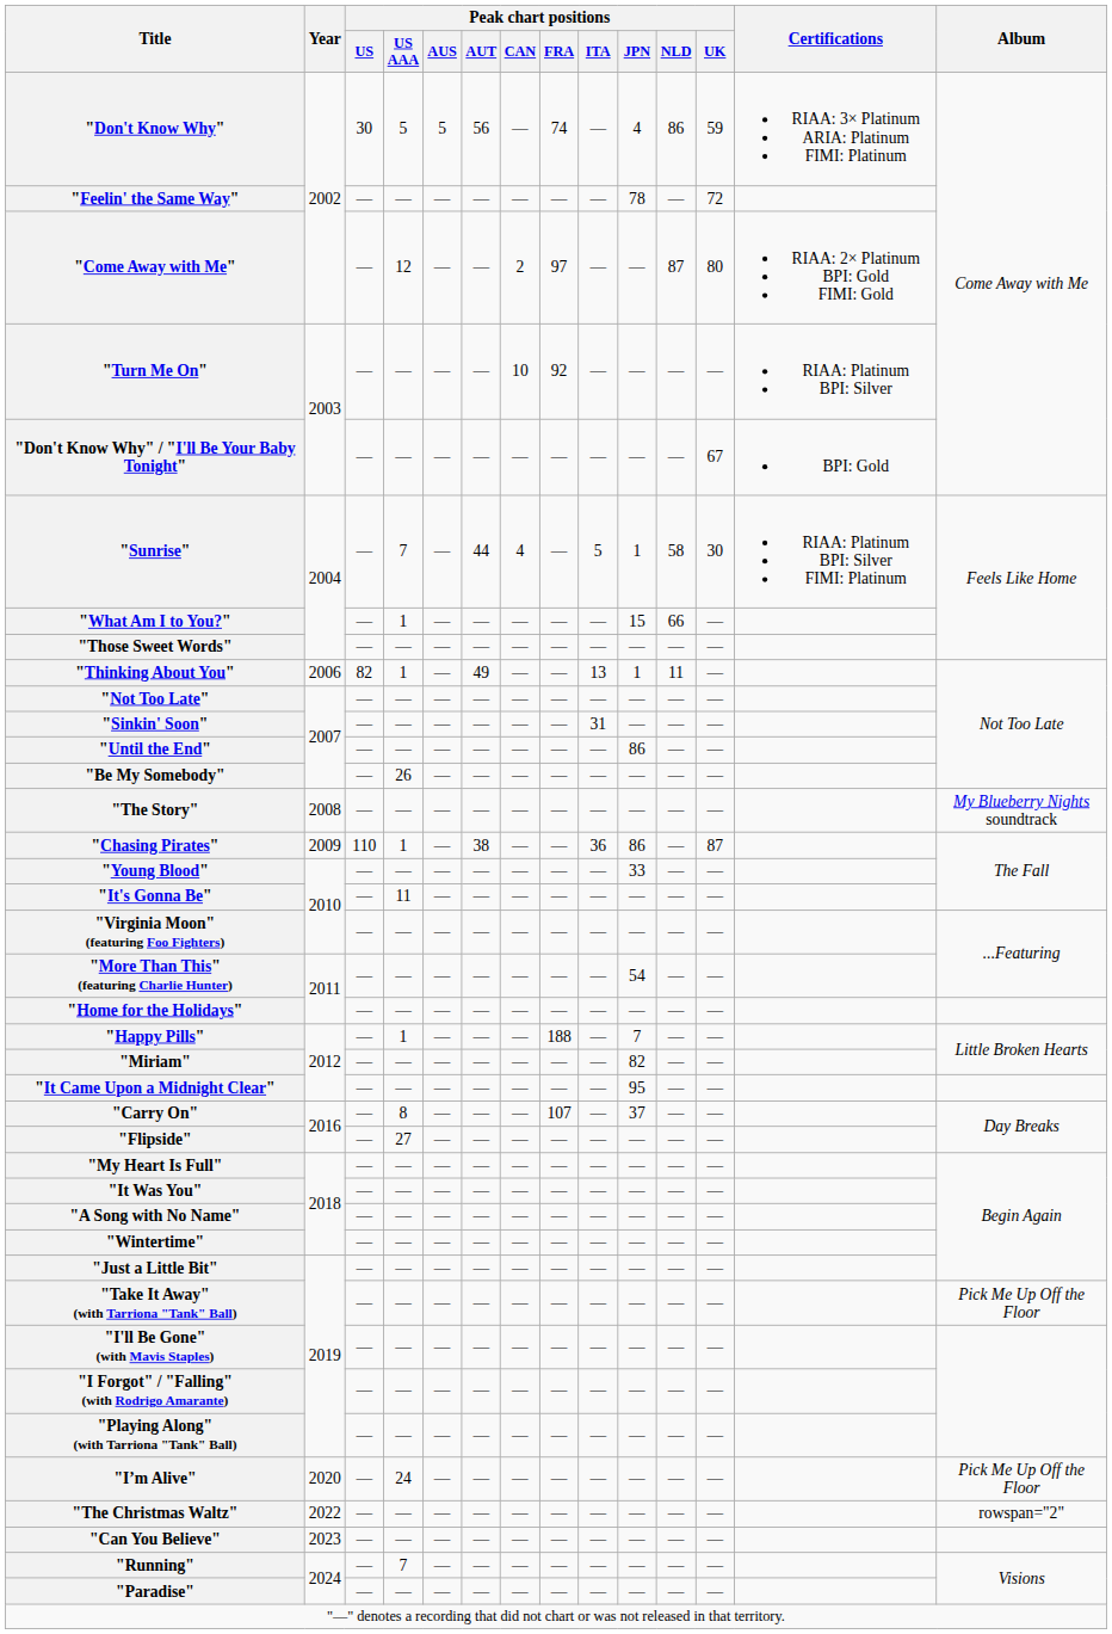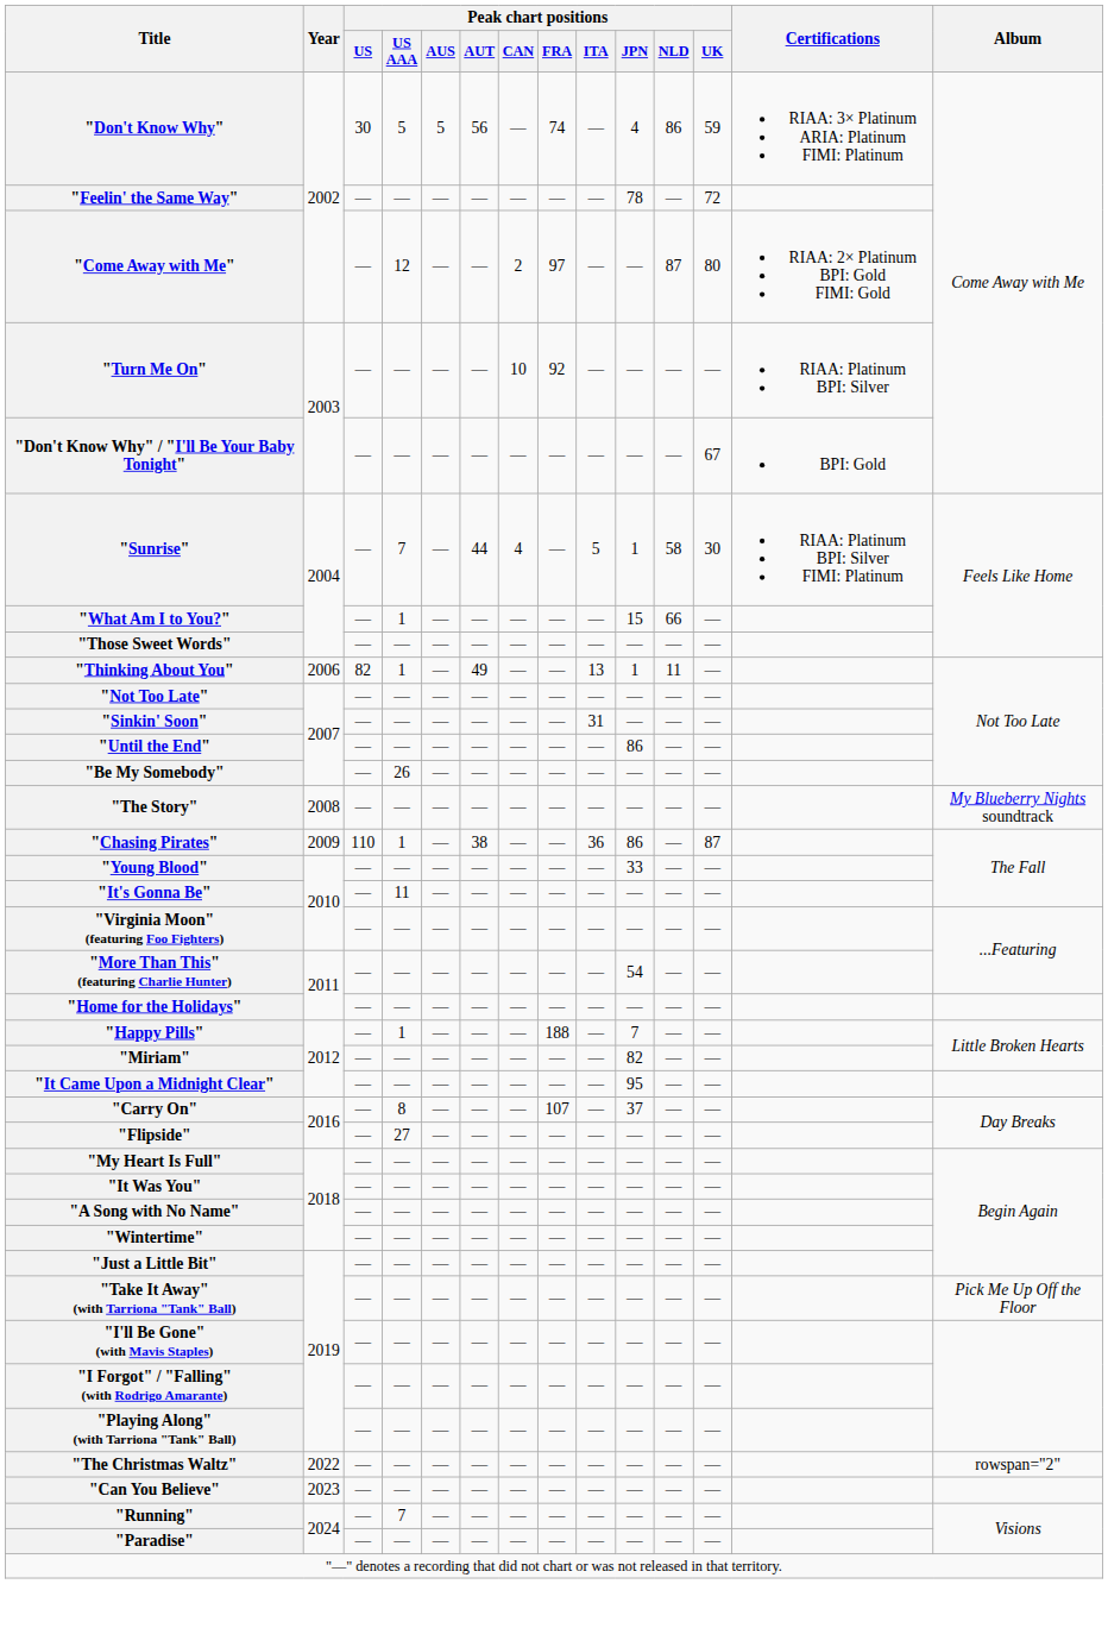 <table class="wikitable plainrowheaders" style="text-align:center;">
 <tr>
 <th scope="col" rowspan="2" style="width:18em;">Title</th>
 <th scope="col" rowspan="2" style="width:2em;">Year</th>
 <th scope="col" colspan="10">Peak chart positions</th>
 <th scope="col" rowspan="2" style="width:12em;"><a href='#'>Certifications</a></th>
 <th scope="col" rowspan="2" style="width:10em;">Album</th>
 </tr>
 <tr>
 <th scope="col" style="width:2.2em;font-size:90%;"><a href='#'>US</a><br></th>
 <th scope="col" style="width:2.2em;font-size:90%;"><a href='#'>US AAA</a><br></th>
 <th scope="col" style="width:2.2em;font-size:90%;"><a href='#'>AUS</a><br></th>
 <th scope="col" style="width:2.2em;font-size:90%;"><a href='#'>AUT</a><br></th>
 <th scope="col" style="width:2.2em;font-size:90%;"><a href='#'>CAN</a><br></th>
 <th scope="col" style="width:2.2em;font-size:90%;"><a href='#'>FRA</a><br></th>
 <th scope="col" style="width:2.2em;font-size:90%;"><a href='#'>ITA</a><br></th>
 <th scope="col" style="width:2.2em;font-size:90%;"><a href='#'>JPN</a><br></th>
 <th scope="col" style="width:2.2em;font-size:90%;"><a href='#'>NLD</a><br></th>
 <th scope="col" style="width:2.2em;font-size:90%;"><a href='#'>UK</a><br></th>
 </tr>
 <tr>
 <th scope="row">"<a href='#'>Don't Know Why</a>"</th>
 <td rowspan="3">2002</td>
 <td>30</td>
 <td>5</td>
 <td>5</td>
 <td>56</td>
 <td>—</td>
 <td>74</td>
 <td>—</td>
 <td>4</td>
 <td>86</td>
 <td>59</td>
 <td><br><ul><li>RIAA: 3× Platinum</li><li>ARIA: Platinum</li><li>FIMI: Platinum</li></ul></td>
 <td rowspan="5"><em>Come Away with Me</em></td>
 </tr>
 <tr>
 <th scope="row">"<a href='#'>Feelin' the Same Way</a>"</th>
 <td>—</td>
 <td>—</td>
 <td>—</td>
 <td>—</td>
 <td>—</td>
 <td>—</td>
 <td>—</td>
 <td>78</td>
 <td>—</td>
 <td>72</td>
 <td></td>
 </tr>
 <tr>
 <th scope="row">"<a href='#'>Come Away with Me</a>"</th>
 <td>—</td>
 <td>12</td>
 <td>—</td>
 <td>—</td>
 <td>2</td>
 <td>97</td>
 <td>—</td>
 <td>—</td>
 <td>87</td>
 <td>80</td>
 <td><br><ul><li>RIAA: 2× Platinum</li><li>BPI: Gold</li><li>FIMI: Gold</li></ul></td>
 </tr>
 <tr>
 <th scope="row">"<a href='#'>Turn Me On</a>"</th>
 <td rowspan="2">2003</td>
 <td>—</td>
 <td>—</td>
 <td>—</td>
 <td>—</td>
 <td>10</td>
 <td>92</td>
 <td>—</td>
 <td>—</td>
 <td>—</td>
 <td>—</td>
 <td><br><ul><li>RIAA: Platinum</li><li>BPI: Silver</li></ul></td>
 </tr>
 <tr>
 <th scope="row">"Don't Know Why" / "<a href='#'>I'll Be Your Baby Tonight</a>"</th>
 <td>—</td>
 <td>—</td>
 <td>—</td>
 <td>—</td>
 <td>—</td>
 <td>—</td>
 <td>—</td>
 <td>—</td>
 <td>—</td>
 <td>67</td>
 <td><br><ul><li>BPI: Gold</li></ul></td>
 </tr>
 <tr>
 <th scope="row">"<a href='#'>Sunrise</a>"</th>
 <td rowspan="3">2004</td>
 <td>—</td>
 <td>7</td>
 <td>—</td>
 <td>44</td>
 <td>4</td>
 <td>—</td>
 <td>5</td>
 <td>1</td>
 <td>58</td>
 <td>30</td>
 <td><br><ul><li>RIAA: Platinum</li><li>BPI: Silver</li><li>FIMI: Platinum</li></ul></td>
 <td rowspan="3"><em>Feels Like Home</em></td>
 </tr>
 <tr>
 <th scope="row">"<a href='#'>What Am I to You?</a>"</th>
 <td>—</td>
 <td>1</td>
 <td>—</td>
 <td>—</td>
 <td>—</td>
 <td>—</td>
 <td>—</td>
 <td>15</td>
 <td>66</td>
 <td>—</td>
 <td></td>
 </tr>
 <tr>
 <th scope="row">"Those Sweet Words"</th>
 <td>—</td>
 <td>—</td>
 <td>—</td>
 <td>—</td>
 <td>—</td>
 <td>—</td>
 <td>—</td>
 <td>—</td>
 <td>—</td>
 <td>—</td>
 <td></td>
 </tr>
 <tr>
 <th scope="row">"<a href='#'>Thinking About You</a>"</th>
 <td>2006</td>
 <td>82</td>
 <td>1</td>
 <td>—</td>
 <td>49</td>
 <td>—</td>
 <td>—</td>
 <td>13</td>
 <td>1</td>
 <td>11</td>
 <td>—</td>
 <td></td>
 <td rowspan="5"><em>Not Too Late</em></td>
 </tr>
 <tr>
 <th scope="row">"<a href='#'>Not Too Late</a>"</th>
 <td rowspan="4">2007</td>
 <td>—</td>
 <td>—</td>
 <td>—</td>
 <td>—</td>
 <td>—</td>
 <td>—</td>
 <td>—</td>
 <td>—</td>
 <td>—</td>
 <td>—</td>
 <td></td>
 </tr>
 <tr>
 <th scope="row">"<a href='#'>Sinkin' Soon</a>"</th>
 <td>—</td>
 <td>—</td>
 <td>—</td>
 <td>—</td>
 <td>—</td>
 <td>—</td>
 <td>31</td>
 <td>—</td>
 <td>—</td>
 <td>—</td>
 <td></td>
 </tr>
 <tr>
 <th scope="row">"<a href='#'>Until the End</a>"</th>
 <td>—</td>
 <td>—</td>
 <td>—</td>
 <td>—</td>
 <td>—</td>
 <td>—</td>
 <td>—</td>
 <td>86</td>
 <td>—</td>
 <td>—</td>
 <td></td>
 </tr>
 <tr>
 <th scope="row">"Be My Somebody"</th>
 <td>—</td>
 <td>26</td>
 <td>—</td>
 <td>—</td>
 <td>—</td>
 <td>—</td>
 <td>—</td>
 <td>—</td>
 <td>—</td>
 <td>—</td>
 <td></td>
 </tr>
 <tr>
 <th scope="row">"The Story"</th>
 <td>2008</td>
 <td>—</td>
 <td>—</td>
 <td>—</td>
 <td>—</td>
 <td>—</td>
 <td>—</td>
 <td>—</td>
 <td>—</td>
 <td>—</td>
 <td>—</td>
 <td></td>
 <td><a href='#'><em>My Blueberry Nights</em></a> soundtrack</td>
 </tr>
 <tr>
 <th scope="row">"<a href='#'>Chasing Pirates</a>"</th>
 <td>2009</td>
 <td>110</td>
 <td>1</td>
 <td>—</td>
 <td>38</td>
 <td>—</td>
 <td>—</td>
 <td>36</td>
 <td>86</td>
 <td>—</td>
 <td>87</td>
 <td></td>
 <td rowspan="3"><em>The Fall</em></td>
 </tr>
 <tr>
 <th scope="row">"<a href='#'>Young Blood</a>"</th>
 <td rowspan="3">2010</td>
 <td>—</td>
 <td>—</td>
 <td>—</td>
 <td>—</td>
 <td>—</td>
 <td>—</td>
 <td>—</td>
 <td>33</td>
 <td>—</td>
 <td>—</td>
 <td></td>
 </tr>
 <tr>
 <th scope="row">"<a href='#'>It's Gonna Be</a>"</th>
 <td>—</td>
 <td>11</td>
 <td>—</td>
 <td>—</td>
 <td>—</td>
 <td>—</td>
 <td>—</td>
 <td>—</td>
 <td>—</td>
 <td>—</td>
 <td></td>
 </tr>
 <tr>
 <th scope="row">"Virginia Moon"<br><small>(featuring <a href='#'>Foo Fighters</a>)</small></th>
 <td>—</td>
 <td>—</td>
 <td>—</td>
 <td>—</td>
 <td>—</td>
 <td>—</td>
 <td>—</td>
 <td>—</td>
 <td>—</td>
 <td>—</td>
 <td></td>
 <td rowspan="2"><em>...Featuring</em></td>
 </tr>
 <tr>
 <th scope="row">"<a href='#'>More Than This</a>"<br><small>(featuring <a href='#'>Charlie Hunter</a>)</small></th>
 <td rowspan="2">2011</td>
 <td>—</td>
 <td>—</td>
 <td>—</td>
 <td>—</td>
 <td>—</td>
 <td>—</td>
 <td>—</td>
 <td>54</td>
 <td>—</td>
 <td>—</td>
 <td></td>
 </tr>
 <tr>
 <th scope="row">"<a href='#'>Home for the Holidays</a>"<br></th>
 <td>—</td>
 <td>—</td>
 <td>—</td>
 <td>—</td>
 <td>—</td>
 <td>—</td>
 <td>—</td>
 <td>—</td>
 <td>—</td>
 <td>—</td>
 <td></td>
 <td></td>
 </tr>
 <tr>
 <th scope="row">"<a href='#'>Happy Pills</a>"</th>
 <td rowspan="3">2012</td>
 <td>—</td>
 <td>1</td>
 <td>—</td>
 <td>—</td>
 <td>—</td>
 <td>188</td>
 <td>—</td>
 <td>7</td>
 <td>—</td>
 <td>—</td>
 <td></td>
 <td rowspan="2"><em>Little Broken Hearts</em></td>
 </tr>
 <tr>
 <th scope="row">"Miriam"</th>
 <td>—</td>
 <td>—</td>
 <td>—</td>
 <td>—</td>
 <td>—</td>
 <td>—</td>
 <td>—</td>
 <td>82</td>
 <td>—</td>
 <td>—</td>
 <td></td>
 </tr>
 <tr>
 <th scope="row">"<a href='#'>It Came Upon a Midnight Clear</a>"</th>
 <td>—</td>
 <td>—</td>
 <td>—</td>
 <td>—</td>
 <td>—</td>
 <td>—</td>
 <td>—</td>
 <td>95</td>
 <td>—</td>
 <td>—</td>
 <td></td>
 <td></td>
 </tr>
 <tr>
 <th scope="row">"Carry On"</th>
 <td rowspan="2">2016</td>
 <td>—</td>
 <td>8</td>
 <td>—</td>
 <td>—</td>
 <td>—</td>
 <td>107</td>
 <td>—</td>
 <td>37</td>
 <td>—</td>
 <td>—</td>
 <td></td>
 <td rowspan="2"><em>Day Breaks</em></td>
 </tr>
 <tr>
 <th scope="row">"Flipside"</th>
 <td>—</td>
 <td>27</td>
 <td>—</td>
 <td>—</td>
 <td>—</td>
 <td>—</td>
 <td>—</td>
 <td>—</td>
 <td>—</td>
 <td>—</td>
 <td></td>
 </tr>
 <tr>
 <th scope="row">"My Heart Is Full"</th>
 <td rowspan="4">2018</td>
 <td>—</td>
 <td>—</td>
 <td>—</td>
 <td>—</td>
 <td>—</td>
 <td>—</td>
 <td>—</td>
 <td>—</td>
 <td>—</td>
 <td>—</td>
 <td></td>
 <td rowspan="5"><em>Begin Again</em></td>
 </tr>
 <tr>
 <th scope="row">"It Was You"</th>
 <td>—</td>
 <td>—</td>
 <td>—</td>
 <td>—</td>
 <td>—</td>
 <td>—</td>
 <td>—</td>
 <td>—</td>
 <td>—</td>
 <td>—</td>
 <td></td>
 </tr>
 <tr>
 <th scope="row">"A Song with No Name"</th>
 <td>—</td>
 <td>—</td>
 <td>—</td>
 <td>—</td>
 <td>—</td>
 <td>—</td>
 <td>—</td>
 <td>—</td>
 <td>—</td>
 <td>—</td>
 <td></td>
 </tr>
 <tr>
 <th scope="row">"Wintertime"</th>
 <td>—</td>
 <td>—</td>
 <td>—</td>
 <td>—</td>
 <td>—</td>
 <td>—</td>
 <td>—</td>
 <td>—</td>
 <td>—</td>
 <td>—</td>
 <td></td>
 </tr>
 <tr>
 <th scope="row">"Just a Little Bit"</th>
 <td rowspan="5">2019</td>
 <td>—</td>
 <td>—</td>
 <td>—</td>
 <td>—</td>
 <td>—</td>
 <td>—</td>
 <td>—</td>
 <td>—</td>
 <td>—</td>
 <td>—</td>
 <td></td>
 </tr>
 <tr>
 <th scope="row">"Take It Away"<br><small>(with <a href='#'>Tarriona "Tank" Ball</a>)</small></th>
 <td>—</td>
 <td>—</td>
 <td>—</td>
 <td>—</td>
 <td>—</td>
 <td>—</td>
 <td>—</td>
 <td>—</td>
 <td>—</td>
 <td>—</td>
 <td></td>
 <td><em>Pick Me Up Off the Floor</em></td>
 </tr>
 <tr>
 <th scope="row">"I'll Be Gone"<br><small>(with <a href='#'>Mavis Staples</a>)</small></th>
 <td>—</td>
 <td>—</td>
 <td>—</td>
 <td>—</td>
 <td>—</td>
 <td>—</td>
 <td>—</td>
 <td>—</td>
 <td>—</td>
 <td>—</td>
 <td></td>
 </tr>
 <tr>
 <th scope="row">"I Forgot" / "Falling"<br><small>(with <a href='#'>Rodrigo Amarante</a>)</small></th>
 <td>—</td>
 <td>—</td>
 <td>—</td>
 <td>—</td>
 <td>—</td>
 <td>—</td>
 <td>—</td>
 <td>—</td>
 <td>—</td>
 <td>—</td>
 <td></td>
 </tr>
 <tr>
 <th scope="row">"Playing Along"<br><small>(with Tarriona "Tank" Ball)</small></th>
 <td>—</td>
 <td>—</td>
 <td>—</td>
 <td>—</td>
 <td>—</td>
 <td>—</td>
 <td>—</td>
 <td>—</td>
 <td>—</td>
 <td>—</td>
 <td></td>
 </tr>
 <tr>
-<th scope="row">"I’m Alive"</th>
-<td>2020</td>
-<td>—</td>
-<td>24</td>
-<td>—</td>
-<td>—</td>
-<td>—</td>
-<td>—</td>
-<td>—</td>
-<td>—</td>
-<td>—</td>
-<td>—</td>
-<td></td>
-<td><em>Pick Me Up Off the Floor</em></td>
-</tr>
-<tr>
 <th scope="row">"The Christmas Waltz" </th>
 <td>2022</td>
 <td>—</td>
 <td>—</td>
 <td>—</td>
 <td>—</td>
 <td>—</td>
 <td>—</td>
 <td>—</td>
 <td>—</td>
 <td>—</td>
 <td>—</td>
 <td></td>
 <td>rowspan="2" </td>
 </tr>
 <tr>
 <th scope="row">"Can You Believe"</th>
 <td>2023</td>
 <td>—</td>
 <td>—</td>
 <td>—</td>
 <td>—</td>
 <td>—</td>
 <td>—</td>
 <td>—</td>
 <td>—</td>
 <td>—</td>
 <td>—</td>
 <td></td>
 </tr>
 <tr>
 <th scope="row">"Running"</th>
 <td rowspan="2">2024</td>
 <td>—</td>
 <td>7</td>
 <td>—</td>
 <td>—</td>
 <td>—</td>
 <td>—</td>
 <td>—</td>
 <td>—</td>
 <td>—</td>
 <td>—</td>
 <td></td>
 <td rowspan="2"><em>Visions</em></td>
 </tr>
 <tr>
 <th scope="row">"Paradise"</th>
 <td>—</td>
 <td>—</td>
 <td>—</td>
 <td>—</td>
 <td>—</td>
 <td>—</td>
 <td>—</td>
 <td>—</td>
 <td>—</td>
 <td>—</td>
 <td></td>
 </tr>
 <tr>
 <td colspan="14" style="font-size:90%">"—" denotes a recording that did not chart or was not released in that territory.</td>
 </tr>
 </table>
